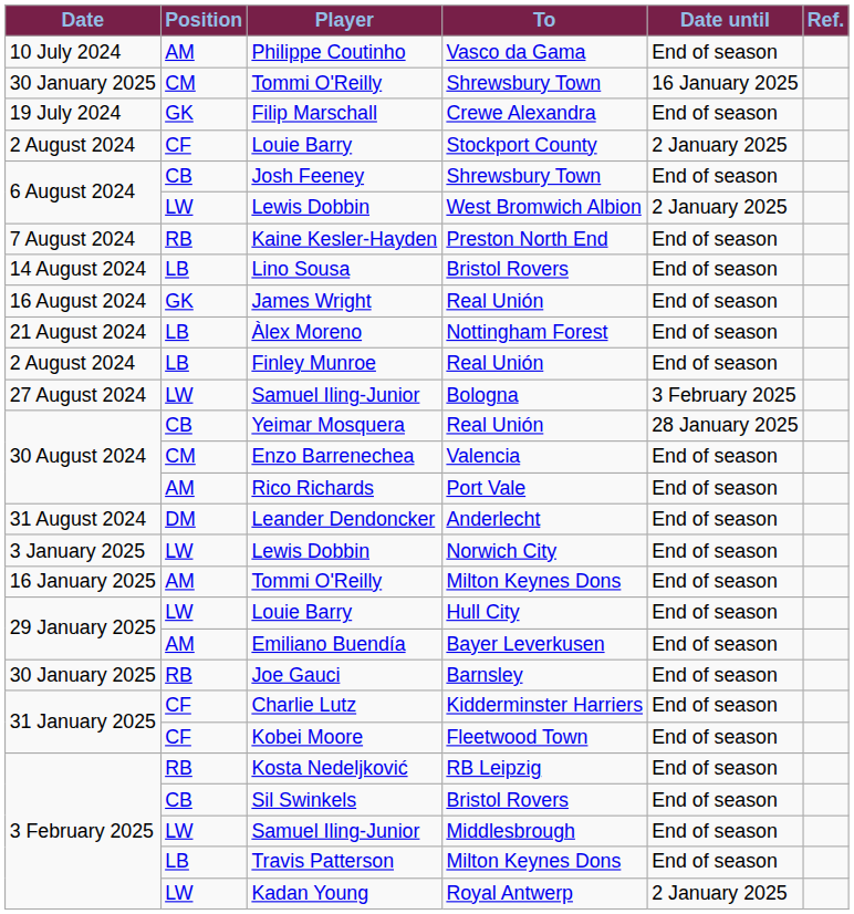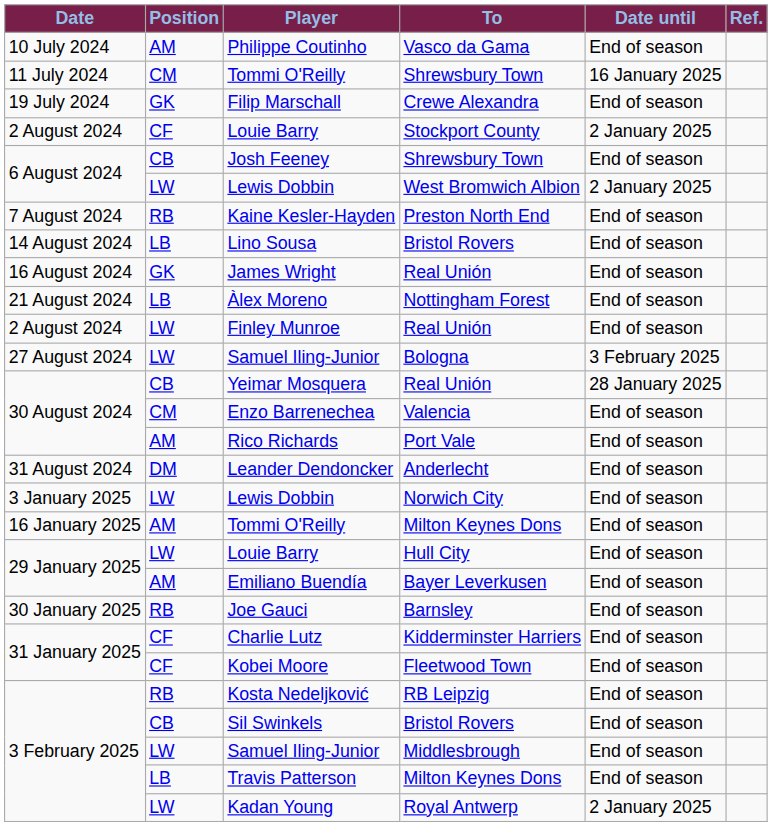 <table class="wikitable plainrowheaders sortable">
 <tr>
 <th style="background:#771F48; color:#94BEE5; ">Date</th>
 <th style="background:#771F48; color:#94BEE5; ">Position</th>
 <th style="background:#771F48; color:#94BEE5; ">Player</th>
 <th style="background:#771F48; color:#94BEE5; ">To</th>
 <th style="background:#771F48; color:#94BEE5; ">Date until</th>
 <th style="background:#771F48; color:#94BEE5; ">Ref.</th>
 </tr>
 <tr>
 <td>10 July 2024</td>
 <td><a href='#'>AM</a></td>
 <td> <a href='#'>Philippe Coutinho</a></td>
 <td> <a href='#'>Vasco da Gama</a></td>
 <td>End of season</td>
 <td></td>
 </tr>
 <tr>
-<td>30 January 2025</td>
+<td>11 July 2024</td>
 <td><a href='#'>CM</a></td>
 <td> <a href='#'>Tommi O'Reilly</a></td>
 <td> <a href='#'>Shrewsbury Town</a></td>
 <td>16 January 2025</td>
 <td></td>
 </tr>
 <tr>
 <td>19 July 2024</td>
 <td><a href='#'>GK</a></td>
 <td> <a href='#'>Filip Marschall</a></td>
 <td> <a href='#'>Crewe Alexandra</a></td>
 <td>End of season</td>
 <td></td>
 </tr>
 <tr>
 <td>2 August 2024</td>
 <td><a href='#'>CF</a></td>
 <td> <a href='#'>Louie Barry</a></td>
 <td> <a href='#'>Stockport County</a></td>
 <td>2 January 2025</td>
 <td></td>
 </tr>
 <tr>
 <td rowspan="2">6 August 2024</td>
 <td><a href='#'>CB</a></td>
 <td> <a href='#'>Josh Feeney</a></td>
 <td> <a href='#'>Shrewsbury Town</a></td>
 <td>End of season</td>
 <td></td>
 </tr>
 <tr>
 <td><a href='#'>LW</a></td>
 <td> <a href='#'>Lewis Dobbin</a></td>
 <td> <a href='#'>West Bromwich Albion</a></td>
 <td>2 January 2025</td>
 <td></td>
 </tr>
 <tr>
 <td>7 August 2024</td>
 <td><a href='#'>RB</a></td>
 <td> <a href='#'>Kaine Kesler-Hayden</a></td>
 <td> <a href='#'>Preston North End</a></td>
 <td>End of season</td>
 <td></td>
 </tr>
 <tr>
 <td>14 August 2024</td>
 <td><a href='#'>LB</a></td>
 <td> <a href='#'>Lino Sousa</a></td>
 <td> <a href='#'>Bristol Rovers</a></td>
 <td>End of season</td>
 <td></td>
 </tr>
 <tr>
 <td>16 August 2024</td>
 <td><a href='#'>GK</a></td>
 <td> <a href='#'>James Wright</a></td>
 <td> <a href='#'>Real Unión</a></td>
 <td>End of season</td>
 <td></td>
 </tr>
 <tr>
 <td>21 August 2024</td>
 <td><a href='#'>LB</a></td>
 <td> <a href='#'>Àlex Moreno</a></td>
 <td> <a href='#'>Nottingham Forest</a></td>
 <td>End of season</td>
 <td></td>
 </tr>
 <tr>
 <td>2 August 2024</td>
-<td><a href='#'>LB</a></td>
+<td><a href='#'>LW</a></td>
 <td> <a href='#'>Finley Munroe</a></td>
 <td> <a href='#'>Real Unión</a></td>
 <td>End of season</td>
 <td></td>
 </tr>
 <tr>
 <td>27 August 2024</td>
 <td><a href='#'>LW</a></td>
 <td> <a href='#'>Samuel Iling-Junior</a></td>
 <td> <a href='#'>Bologna</a></td>
 <td>3 February 2025</td>
 <td></td>
 </tr>
 <tr>
 <td rowspan="3">30 August 2024</td>
 <td><a href='#'>CB</a></td>
 <td> <a href='#'>Yeimar Mosquera</a></td>
 <td> <a href='#'>Real Unión</a></td>
 <td>28 January 2025</td>
 <td></td>
 </tr>
 <tr>
 <td><a href='#'>CM</a></td>
 <td> <a href='#'>Enzo Barrenechea</a></td>
 <td> <a href='#'>Valencia</a></td>
 <td>End of season</td>
 <td></td>
 </tr>
 <tr>
 <td><a href='#'>AM</a></td>
 <td> <a href='#'>Rico Richards</a></td>
 <td> <a href='#'>Port Vale</a></td>
 <td>End of season</td>
 <td></td>
 </tr>
 <tr>
 <td>31 August 2024</td>
 <td><a href='#'>DM</a></td>
 <td> <a href='#'>Leander Dendoncker</a></td>
 <td> <a href='#'>Anderlecht</a></td>
 <td>End of season</td>
 <td></td>
 </tr>
 <tr>
 <td>3 January 2025</td>
 <td><a href='#'>LW</a></td>
 <td> <a href='#'>Lewis Dobbin</a></td>
 <td> <a href='#'>Norwich City</a></td>
 <td>End of season</td>
 <td></td>
 </tr>
 <tr>
 <td>16 January 2025</td>
 <td><a href='#'>AM</a></td>
 <td> <a href='#'>Tommi O'Reilly</a></td>
 <td> <a href='#'>Milton Keynes Dons</a></td>
 <td>End of season</td>
 <td></td>
 </tr>
 <tr>
 <td rowspan="2">29 January 2025</td>
 <td><a href='#'>LW</a></td>
 <td> <a href='#'>Louie Barry</a></td>
 <td> <a href='#'>Hull City</a></td>
 <td>End of season</td>
 <td></td>
 </tr>
 <tr>
 <td><a href='#'>AM</a></td>
 <td> <a href='#'>Emiliano Buendía</a></td>
 <td> <a href='#'>Bayer Leverkusen</a></td>
 <td>End of season</td>
 <td></td>
 </tr>
 <tr>
 <td>30 January 2025</td>
 <td><a href='#'>RB</a></td>
 <td> <a href='#'>Joe Gauci</a></td>
 <td> <a href='#'>Barnsley</a></td>
 <td>End of season</td>
 <td></td>
 </tr>
 <tr>
 <td rowspan="2">31 January 2025</td>
 <td><a href='#'>CF</a></td>
 <td> <a href='#'>Charlie Lutz</a></td>
 <td> <a href='#'>Kidderminster Harriers</a></td>
 <td>End of season</td>
 <td></td>
 </tr>
 <tr>
 <td><a href='#'>CF</a></td>
 <td> <a href='#'>Kobei Moore</a></td>
 <td> <a href='#'>Fleetwood Town</a></td>
 <td>End of season</td>
 <td></td>
 </tr>
 <tr>
 <td rowspan="5">3 February 2025</td>
 <td><a href='#'>RB</a></td>
 <td> <a href='#'>Kosta Nedeljković</a></td>
 <td> <a href='#'>RB Leipzig</a></td>
 <td>End of season</td>
 <td></td>
 </tr>
 <tr>
 <td><a href='#'>CB</a></td>
 <td> <a href='#'>Sil Swinkels</a></td>
 <td> <a href='#'>Bristol Rovers</a></td>
 <td>End of season</td>
 <td></td>
 </tr>
 <tr>
 <td><a href='#'>LW</a></td>
 <td> <a href='#'>Samuel Iling-Junior</a></td>
 <td> <a href='#'>Middlesbrough</a></td>
 <td>End of season</td>
 <td></td>
 </tr>
 <tr>
 <td><a href='#'>LB</a></td>
 <td> <a href='#'>Travis Patterson</a></td>
 <td> <a href='#'>Milton Keynes Dons</a></td>
 <td>End of season</td>
 <td></td>
 </tr>
 <tr>
 <td><a href='#'>LW</a></td>
 <td> <a href='#'>Kadan Young</a></td>
 <td> <a href='#'>Royal Antwerp</a></td>
 <td>2 January 2025</td>
 <td></td>
 </tr>
 </table>
